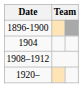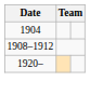 <table class="wikitable" style="text-align:center; font-size:90%;">
 <tr>
 <th>Date</th>
 <th colspan=2>Team</th>
-</tr>
-<tr>
-<td>1896-1900</td>
-<td style= "background:moccasin"></td>
-<td style="background:darkgray"></td>
 </tr>
 <tr>
 <td>1904</td>
 <td style= “background:moccasin”></td>
 </tr>
 <tr>
 <td>1908–1912</td>
 <td colspan=2></td>
 </tr>
 <tr>
 <td>1920–</td>
 <td style= "background:moccasin"></td>
 <td></td>
 </tr>
 </table>
